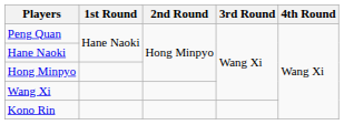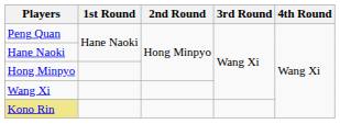 <table class="wikitable">
 <tr>
 <th>Players</th>
 <th>1st Round</th>
 <th>2nd Round</th>
 <th>3rd Round</th>
 <th>4th Round</th>
 </tr>
 <tr>
 <td> <a href='#'>Peng Quan</a></td>
 <td rowspan="2" valign="center">Hane Naoki</td>
 <td rowspan="3" valign="center">Hong Minpyo</td>
 <td rowspan="4" valign="center">Wang Xi</td>
 <td rowspan="5" valign="center">Wang Xi</td>
 </tr>
 <tr>
 <td> <a href='#'>Hane Naoki</a></td>
 </tr>
 <tr>
 <td> <a href='#'>Hong Minpyo</a></td>
 </tr>
 <tr>
 <td> <a href='#'>Wang Xi</a></td>
 <td></td>
 <td></td>
 </tr>
 <tr>
-<td> <a href='#'>Kono Rin</a></td>
+<td style="background: khaki;"> <a href='#'>Kono Rin</a></td>
 <td></td>
 <td></td>
 <td></td>
 </tr>
 </table>
